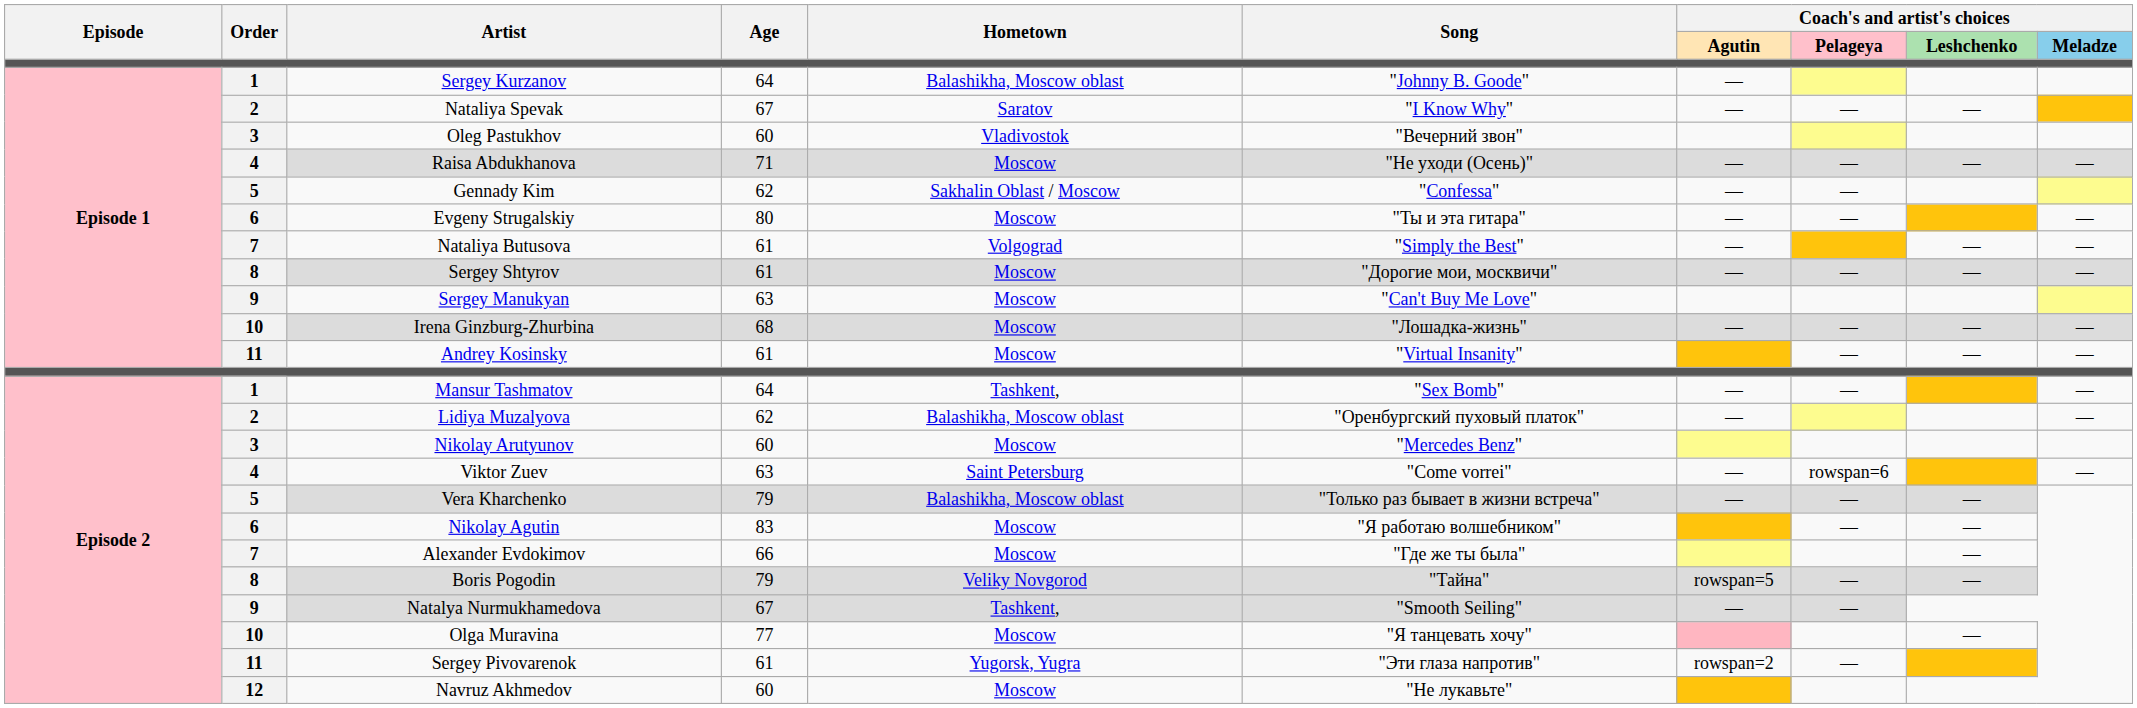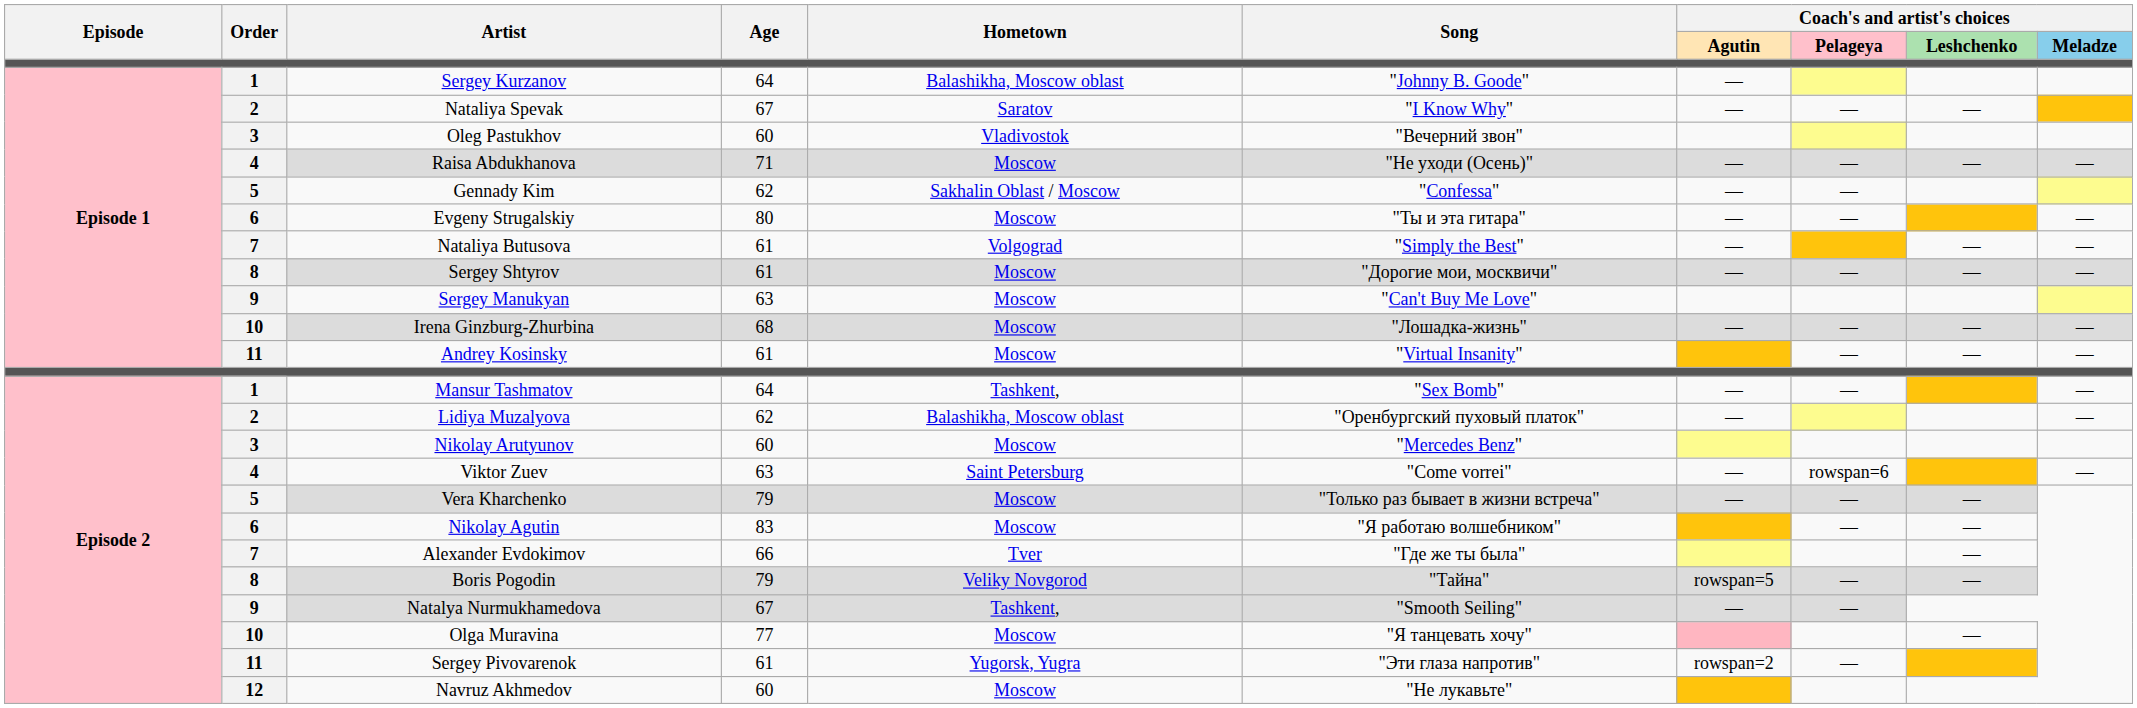 <table class="wikitable" style="text-align:center; line-height:17px; width:120%">
 <tr>
 <th rowspan="2" scope="col" style="width:10%">Episode</th>
 <th rowspan="2" scope="col" style="width:03%">Order</th>
 <th rowspan="2" scope="col" style="width:20%">Artist</th>
 <th rowspan="2" scope="col" style="width:04%">Age</th>
 <th rowspan="2" scope="col" style="width:20%">Hometown</th>
 <th rowspan="2" scope="col" style="width:20%">Song</th>
 <th colspan="4" scope="col" style="width:21%">Coach's and artist's choices</th>
 </tr>
 <tr>
 <th style="background:#ffe5b4;">Agutin</th>
 <th style="background:pink;">Pelageya</th>
 <th style="background:#ace1af;">Leshchenko</th>
 <th style="background:#87ceeb;">Meladze</th>
 </tr>
 <tr>
 <td colspan="10" style="background:#555"></td>
 </tr>
 <tr>
 <td rowspan="11" style="background:pink; "><strong>Episode 1</strong> <br></td>
 <th>1</th>
 <td><a href='#'>Sergey Kurzanov</a></td>
 <td>64</td>
 <td><a href='#'>Balashikha, Moscow oblast</a></td>
 <td>"<a href='#'>Johnny B. Goode</a>"</td>
 <td>—</td>
 <td style="background:#fdfc8f;"><strong></strong></td>
 <td><strong></strong></td>
 <td><strong></strong></td>
 </tr>
 <tr>
 <th>2</th>
 <td>Nataliya Spevak</td>
 <td>67</td>
 <td><a href='#'>Saratov</a></td>
 <td>"<a href='#'>I Know Why</a>"</td>
 <td>—</td>
 <td>—</td>
 <td>—</td>
 <td style="background:#FFC40C;"><strong></strong></td>
 </tr>
 <tr>
 <th>3</th>
 <td>Oleg Pastukhov</td>
 <td>60</td>
 <td><a href='#'>Vladivostok</a></td>
 <td>"Вечерний звон"</td>
 <td><strong></strong></td>
 <td style="background:#fdfc8f;"><strong></strong></td>
 <td><strong></strong></td>
 <td><strong></strong></td>
 </tr>
 <tr style="background:#DCDCDC;"|>
 <th>4</th>
 <td>Raisa Abdukhanova</td>
 <td>71</td>
 <td><a href='#'>Moscow</a></td>
 <td>"Не уходи (Осень)"</td>
 <td>—</td>
 <td>—</td>
 <td>—</td>
 <td>—</td>
 </tr>
 <tr>
 <th>5</th>
 <td>Gennady Kim</td>
 <td>62</td>
 <td><a href='#'>Sakhalin Oblast</a> / <a href='#'>Moscow</a></td>
 <td>"<a href='#'>Confessa</a>"</td>
 <td>—</td>
 <td>—</td>
 <td><strong></strong></td>
 <td style="background:#fdfc8f;"><strong></strong></td>
 </tr>
 <tr>
 <th>6</th>
 <td>Evgeny Strugalskiy</td>
 <td>80</td>
 <td><a href='#'>Moscow</a></td>
 <td>"Ты и эта гитара"</td>
 <td>—</td>
 <td>—</td>
 <td style="background:#FFC40C;"><strong></strong></td>
 <td>—</td>
 </tr>
 <tr>
 <th>7</th>
 <td>Nataliya Butusova</td>
 <td>61</td>
 <td><a href='#'>Volgograd</a></td>
 <td>"<a href='#'>Simply the Best</a>"</td>
 <td>—</td>
 <td style="background:#FFC40C;"><strong></strong></td>
 <td>—</td>
 <td>—</td>
 </tr>
 <tr style="background:#DCDCDC;"|>
 <th>8</th>
 <td>Sergey Shtyrov</td>
 <td>61</td>
 <td><a href='#'>Moscow</a></td>
 <td>"Дорогие мои, москвичи"</td>
 <td>—</td>
 <td>—</td>
 <td>—</td>
 <td>—</td>
 </tr>
 <tr>
 <th>9</th>
 <td><a href='#'>Sergey Manukyan</a></td>
 <td>63</td>
 <td><a href='#'>Moscow</a></td>
 <td>"<a href='#'>Can't Buy Me Love</a>"</td>
 <td><strong></strong></td>
 <td><strong></strong></td>
 <td><strong></strong></td>
 <td style="background:#fdfc8f;"><strong></strong></td>
 </tr>
 <tr style="background:#DCDCDC;"|>
 <th>10</th>
 <td>Irena Ginzburg-Zhurbina</td>
 <td>68</td>
 <td><a href='#'>Moscow</a></td>
 <td>"Лошадка-жизнь"</td>
 <td>—</td>
 <td>—</td>
 <td>—</td>
 <td>—</td>
 </tr>
 <tr>
 <th>11</th>
 <td><a href='#'>Andrey Kosinsky</a></td>
 <td>61</td>
 <td><a href='#'>Moscow</a></td>
 <td>"<a href='#'>Virtual Insanity</a>"</td>
 <td style="background:#FFC40C;"><strong></strong></td>
 <td>—</td>
 <td>—</td>
 <td>—</td>
 </tr>
 <tr>
 <td colspan="10" style="background:#555"></td>
 </tr>
 <tr>
 <td rowspan="12" style="background:pink;"><strong>Episode 2</strong> <br></td>
 <th>1</th>
 <td><a href='#'>Mansur Tashmatov</a></td>
 <td>64</td>
 <td><a href='#'>Tashkent</a>, </td>
 <td>"<a href='#'>Sex Bomb</a>"</td>
 <td>—</td>
 <td>—</td>
 <td style="background:#FFC40C;"><strong></strong></td>
 <td>—</td>
 </tr>
 <tr>
 <th>2</th>
 <td><a href='#'>Lidiya Muzalyova</a></td>
 <td>62</td>
 <td><a href='#'>Balashikha, Moscow oblast</a></td>
 <td>"Оренбургский пуховый платок"</td>
 <td>—</td>
 <td style="background:#fdfc8f;"><strong></strong></td>
 <td><strong></strong></td>
 <td>—</td>
 </tr>
 <tr>
 <th>3</th>
 <td><a href='#'>Nikolay Arutyunov</a></td>
 <td>60</td>
 <td><a href='#'>Moscow</a></td>
 <td>"<a href='#'>Mercedes Benz</a>"</td>
 <td style="background:#fdfc8f;"><strong></strong></td>
 <td><strong></strong></td>
 <td><strong></strong></td>
 <td><strong></strong></td>
 </tr>
 <tr>
 <th>4</th>
 <td>Viktor Zuev</td>
 <td>63</td>
 <td><a href='#'>Saint Petersburg</a></td>
 <td>"Come vorrei"</td>
 <td>—</td>
 <td>rowspan=6 </td>
 <td style="background:#FFC40C;"><strong></strong></td>
 <td>—</td>
 </tr>
 <tr style="background:#DCDCDC;"|>
 <th>5</th>
 <td>Vera Kharchenko</td>
 <td>79</td>
-<td><a href='#'>Balashikha, Moscow oblast</a></td>
+<td><a href='#'>Moscow</a></td>
 <td>"Только раз бывает в жизни встреча"</td>
 <td>—</td>
 <td>—</td>
 <td>—</td>
 </tr>
 <tr>
 <th>6</th>
 <td><a href='#'>Nikolay Agutin</a></td>
 <td>83</td>
 <td><a href='#'>Moscow</a></td>
 <td>"Я работаю волшебником"</td>
 <td style="background:#FFC40C;"><strong></strong></td>
 <td>—</td>
 <td>—</td>
 </tr>
 <tr>
 <th>7</th>
 <td>Alexander Evdokimov</td>
 <td>66</td>
-<td><a href='#'>Moscow</a></td>
+<td><a href='#'>Tver</a></td>
 <td>"Где же ты была"</td>
 <td style="background:#fdfc8f;"><strong></strong></td>
 <td><strong></strong></td>
 <td>—</td>
 </tr>
 <tr style="background:#DCDCDC;"|>
 <th>8</th>
 <td>Boris Pogodin</td>
 <td>79</td>
 <td><a href='#'>Veliky Novgorod</a></td>
 <td>"Тайна"</td>
 <td>rowspan=5 </td>
 <td>—</td>
 <td>—</td>
 </tr>
 <tr style="background:#DCDCDC;"|>
 <th>9</th>
 <td>Natalya Nurmukhamedova</td>
 <td>67</td>
 <td><a href='#'>Tashkent</a>, </td>
 <td>"Smooth Seiling"</td>
 <td>—</td>
 <td>—</td>
 </tr>
 <tr>
 <th>10</th>
 <td>Olga Muravina</td>
 <td>77</td>
 <td><a href='#'>Moscow</a></td>
 <td>"Я танцевать хочу"</td>
 <td style="background-color:lightpink;"></td>
 <td><strong></strong></td>
 <td>—</td>
 </tr>
 <tr>
 <th>11</th>
 <td>Sergey Pivovarenok</td>
 <td>61</td>
 <td><a href='#'>Yugorsk, Yugra</a></td>
 <td>"Эти глаза напротив"</td>
 <td>rowspan=2 </td>
 <td>—</td>
 <td style="background:#FFC40C;"><strong></strong></td>
 </tr>
 <tr>
 <th>12</th>
 <td>Navruz Akhmedov</td>
 <td>60</td>
 <td><a href='#'>Moscow</a></td>
 <td>"Не лукавьте"</td>
 <td style="background:#FFC40C;"><strong></strong></td>
 <td></td>
 </tr>
 </table>
